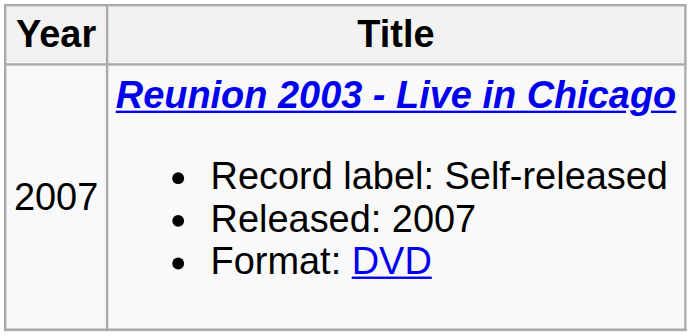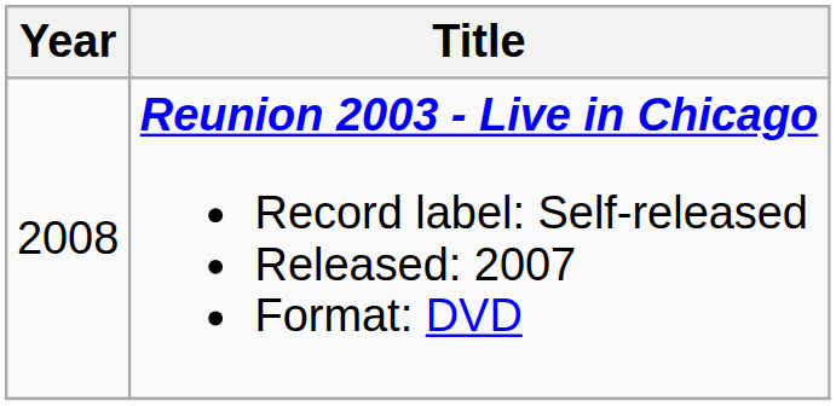 <table class="wikitable">
 <tr>
 <th>Year</th>
 <th>Title</th>
 </tr>
 <tr>
-<td>2007</td>
+<td>2008</td>
 <td><strong><em><a href='#'>Reunion 2003 - Live in Chicago</a></em></strong><br><ul><li>Record label: Self-released</li><li>Released: 2007</li><li>Format: <a href='#'>DVD</a></li></ul></td>
 </tr>
 <tr>
 </tr>
 </table>
